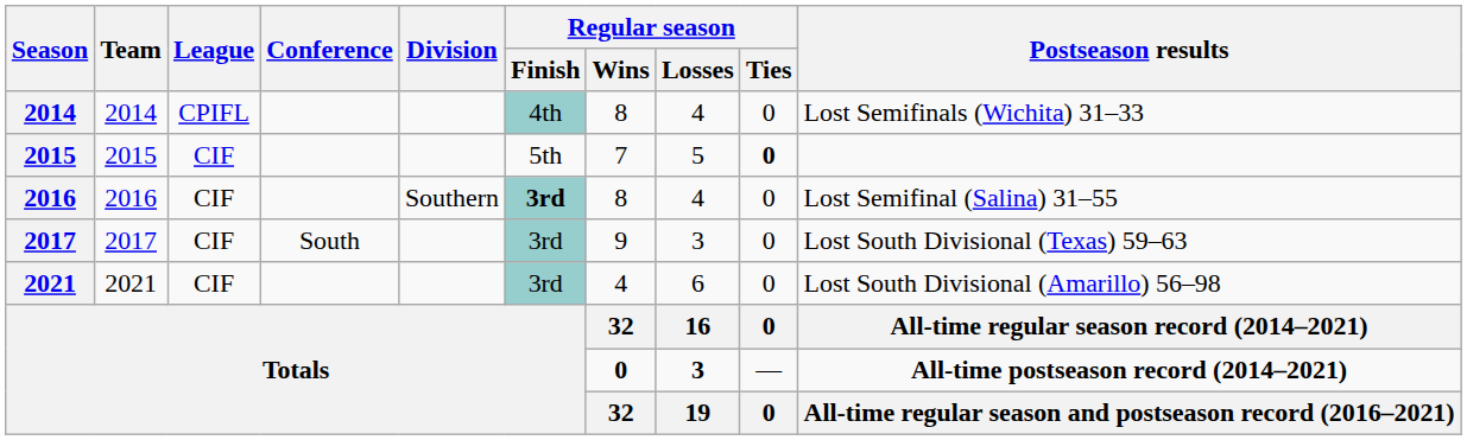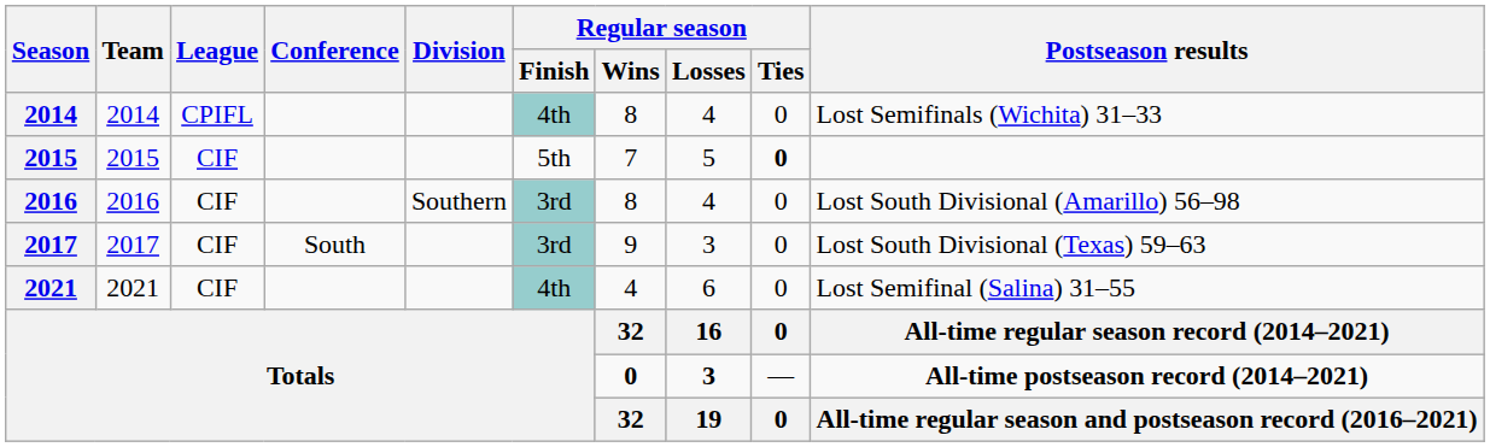 <table class="wikitable" style="text-align:center; font-size: 95%;">
 <tr>
 <th rowspan="2"><a href='#'>Season</a></th>
 <th rowspan="2">Team</th>
 <th rowspan="2"><a href='#'>League</a></th>
 <th rowspan="2"><a href='#'>Conference</a></th>
 <th rowspan="2"><a href='#'>Division</a></th>
 <th colspan="4"><a href='#'>Regular season</a></th>
 <th rowspan="2"><a href='#'>Postseason</a> results</th>
 </tr>
 <tr>
 <th>Finish</th>
 <th>Wins</th>
 <th>Losses</th>
 <th>Ties</th>
 </tr>
 <tr>
 <th><a href='#'>2014</a></th>
 <td><a href='#'>2014</a></td>
 <td><a href='#'>CPIFL</a></td>
 <td></td>
 <td></td>
 <td style="background:#96cdcd;">4th</td>
 <td>8</td>
 <td>4</td>
 <td>0</td>
 <td style="text-align:left;">Lost Semifinals (<a href='#'>Wichita</a>) 31–33</td>
 </tr>
 <tr>
 <th><a href='#'>2015</a></th>
 <td><a href='#'>2015</a></td>
 <td><a href='#'>CIF</a></td>
 <td></td>
 <td></td>
 <td>5th</td>
 <td>7</td>
 <td>5</td>
 <td><strong>0</strong></td>
 <td style="text-align:left;"></td>
 </tr>
 <tr>
 <th><a href='#'>2016</a></th>
 <td><a href='#'>2016</a></td>
 <td>CIF</td>
 <td></td>
 <td>Southern</td>
-<td style="background:#96cdcd;"><strong>3rd</strong></td>
+<td style="background:#96cdcd;">3rd</td>
 <td>8</td>
 <td>4</td>
 <td>0</td>
-<td style="text-align:left;">Lost Semifinal (<a href='#'>Salina</a>) 31–55</td>
+<td style="text-align:left;">Lost South Divisional (<a href='#'>Amarillo</a>) 56–98</td>
 </tr>
 <tr>
 <th><a href='#'>2017</a></th>
 <td><a href='#'>2017</a></td>
 <td>CIF</td>
 <td>South</td>
 <td></td>
 <td style="background:#96cdcd;">3rd</td>
 <td>9</td>
 <td>3</td>
 <td>0</td>
 <td style="text-align:left;">Lost South Divisional (<a href='#'>Texas</a>) 59–63</td>
 </tr>
 <tr>
 <th><a href='#'>2021</a></th>
 <td>2021</td>
 <td>CIF</td>
 <td></td>
 <td></td>
-<td style="background:#96cdcd;">3rd</td>
+<td style="background:#96cdcd;">4th</td>
 <td>4</td>
 <td>6</td>
 <td>0</td>
-<td style="text-align:left;">Lost South Divisional (<a href='#'>Amarillo</a>) 56–98</td>
+<td style="text-align:left;">Lost Semifinal (<a href='#'>Salina</a>) 31–55</td>
 </tr>
 <tr>
 <th rowspan="3" colspan="6">Totals</th>
 <th>32</th>
 <th>16</th>
 <th>0</th>
 <th>All-time regular season record (2014–2021)</th>
 </tr>
 <tr>
 <td><strong>0</strong></td>
 <td><strong>3</strong></td>
 <td>—</td>
 <td><strong>All-time postseason record (2014–2021)</strong></td>
 </tr>
 <tr>
 <th>32</th>
 <th>19</th>
 <th>0</th>
 <th>All-time regular season and postseason record (2016–2021)</th>
 </tr>
 </table>
